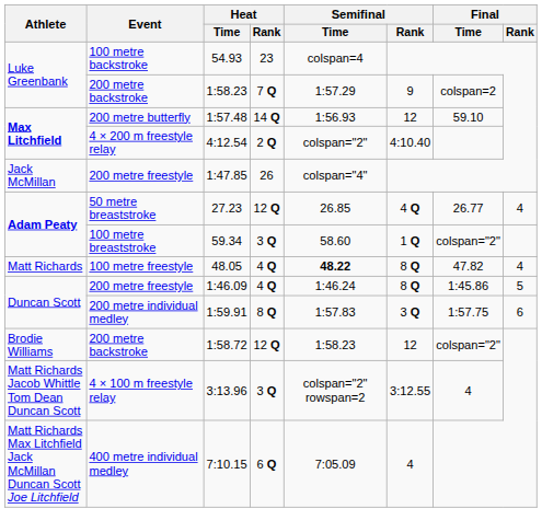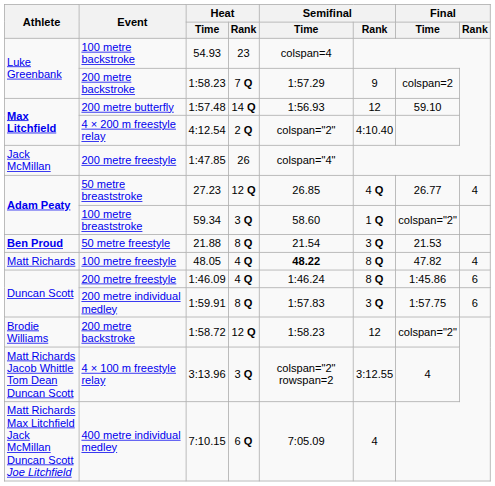 <table class="wikitable" style="text-align:center; font-size:90%; width:50%;">
 <tr>
 <th rowspan="2">Athlete</th>
 <th rowspan="2">Event</th>
 <th colspan="2">Heat</th>
 <th colspan="2">Semifinal</th>
 <th colspan="2">Final</th>
 </tr>
 <tr style="font-size:95%">
 <th>Time</th>
 <th>Rank</th>
 <th>Time</th>
 <th>Rank</th>
 <th>Time</th>
 <th>Rank</th>
 </tr>
 <tr align=center>
 <td align=left rowspan=2><a href='#'>Luke Greenbank</a></td>
 <td align=left><a href='#'>100 metre backstroke</a></td>
 <td>54.93</td>
 <td>23</td>
 <td>colspan=4   </td>
 </tr>
 <tr align=center>
 <td align=left><a href='#'>200 metre backstroke</a></td>
 <td>1:58.23</td>
 <td>7 <strong>Q</strong></td>
 <td>1:57.29</td>
 <td>9</td>
 <td>colspan=2   </td>
 </tr>
 <tr align=center>
 <td align=left rowspan=2><strong><a href='#'>Max Litchfield</a></strong></td>
 <td align=left><a href='#'>200 metre butterfly</a></td>
 <td>1:57.48</td>
 <td>14 <strong>Q</strong></td>
 <td>1:56.93</td>
 <td>12</td>
 <td>59.10</td>
 </tr>
 <tr align=center>
 <td align=left><a href='#'>4 × 200 m freestyle relay</a></td>
 <td>4:12.54</td>
 <td>2 <strong>Q</strong></td>
 <td>colspan="2"  </td>
 <td>4:10.40</td>
 <td></td>
 </tr>
 <tr align=center>
 <td align=left><a href='#'>Jack McMillan</a></td>
 <td align=left><a href='#'>200 metre freestyle</a></td>
 <td>1:47.85</td>
 <td>26</td>
 <td>colspan="4" </td>
 </tr>
 <tr align=center>
 <td align=left rowspan=2><strong><a href='#'>Adam Peaty</a></strong></td>
 <td align=left><a href='#'>50 metre breaststroke</a></td>
 <td>27.23</td>
 <td>12 <strong>Q</strong></td>
 <td>26.85</td>
 <td>4 <strong>Q</strong></td>
 <td>26.77</td>
 <td>4</td>
 </tr>
 <tr align=center>
 <td align=left><a href='#'>100 metre breaststroke</a></td>
 <td>59.34</td>
 <td>3 <strong>Q</strong></td>
 <td>58.60</td>
 <td>1 <strong>Q</strong></td>
 <td>colspan="2"  </td>
 <td></td>
 </tr>
 <tr align=center>
+<td align=left><strong><a href='#'>Ben Proud</a></strong></td>
+<td align=left><a href='#'>50 metre freestyle</a></td>
+<td>21.88</td>
+<td>8 <strong>Q</strong></td>
+<td>21.54</td>
+<td>3 <strong>Q</strong></td>
+<td>21.53</td>
+<td></td>
+</tr>
+<tr align=center>
 <td align=left><a href='#'>Matt Richards</a></td>
 <td align=left><a href='#'>100 metre freestyle</a></td>
 <td>48.05</td>
 <td>4 <strong>Q</strong></td>
 <td><strong>48.22</strong></td>
 <td>8 <strong>Q</strong></td>
 <td>47.82</td>
 <td>4</td>
 </tr>
 <tr align=center>
 <td align=left rowspan=2><a href='#'>Duncan Scott</a></td>
 <td align=left><a href='#'>200 metre freestyle</a></td>
 <td>1:46.09</td>
 <td>4 <strong>Q</strong></td>
 <td>1:46.24</td>
 <td>8 <strong>Q</strong></td>
 <td>1:45.86</td>
-<td>5</td>
+<td>6</td>
 </tr>
 <tr align=center>
 <td align=left><a href='#'>200 metre individual medley</a></td>
 <td>1:59.91</td>
 <td>8 <strong>Q</strong></td>
 <td>1:57.83</td>
 <td>3 <strong>Q</strong></td>
 <td>1:57.75</td>
 <td>6</td>
 </tr>
 <tr align=center>
 <td align=left><a href='#'>Brodie Williams</a></td>
 <td align=left><a href='#'>200 metre backstroke</a></td>
 <td>1:58.72</td>
 <td>12 <strong>Q</strong></td>
 <td>1:58.23</td>
 <td>12</td>
 <td>colspan="2" </td>
 </tr>
 <tr align=center>
 <td align=left><a href='#'>Matt Richards</a><br><a href='#'>Jacob Whittle</a><br><a href='#'>Tom Dean</a> <br><a href='#'>Duncan Scott</a></td>
 <td align=left><a href='#'>4 × 100 m freestyle relay</a></td>
 <td>3:13.96</td>
 <td>3 <strong>Q</strong></td>
 <td>colspan="2" rowspan=2 </td>
 <td>3:12.55</td>
 <td>4</td>
 </tr>
 <tr align=center>
 <td align=left><a href='#'>Matt Richards</a><br><a href='#'>Max Litchfield</a> <br><a href='#'>Jack McMillan</a> <br><a href='#'>Duncan Scott</a><br><em><a href='#'>Joe Litchfield</a></em></td>
 <td align=left><a href='#'>400 metre individual medley</a></td>
 <td>7:10.15</td>
 <td>6 <strong>Q</strong></td>
 <td>7:05.09</td>
 <td>4</td>
 </tr>
 </table>
